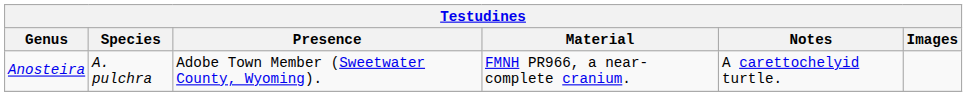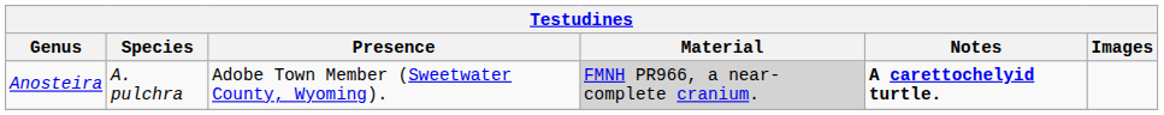 <table class="wikitable" align="center">
 <tr>
 <th colspan="6" align="center"><strong><a href='#'>Testudines</a></strong></th>
 </tr>
 <tr>
 <th>Genus</th>
 <th>Species</th>
 <th>Presence</th>
 <th><strong>Material</strong></th>
 <th>Notes</th>
 <th>Images</th>
 </tr>
 <tr>
 <td><em><a href='#'>Anosteira</a></em></td>
 <td><em>A. pulchra</em></td>
 <td>Adobe Town Member (<a href='#'>Sweetwater County, Wyoming</a>).</td>
-<td><a href='#'>FMNH</a> PR966, a near-complete <a href='#'>cranium</a>.</td>
-<td>A <a href='#'>carettochelyid</a> turtle.</td>
+<td style="background: lightgrey;"><a href='#'>FMNH</a> PR966, a near-complete <a href='#'>cranium</a>.</td>
+<td><strong>A <a href='#'>carettochelyid</a> turtle.</strong></td>
 <td></td>
 </tr>
 <tr>
 </tr>
 </table>
